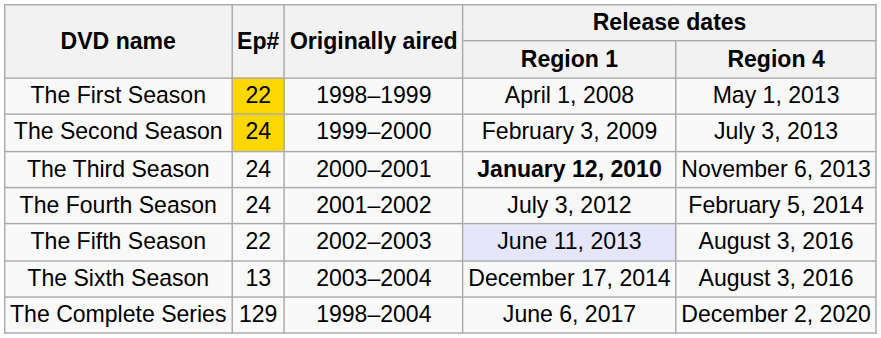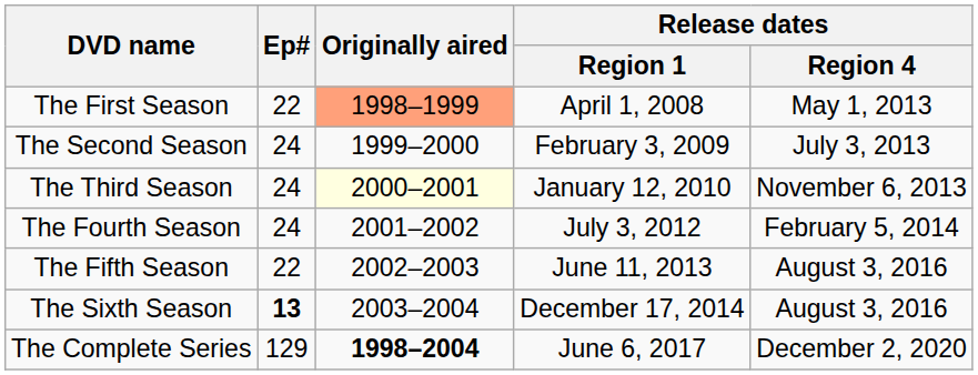 <table class="wikitable">
 <tr>
 <th rowspan="2">DVD name</th>
 <th rowspan="2">Ep#</th>
 <th rowspan="2">Originally aired</th>
 <th colspan="2">Release dates</th>
 </tr>
 <tr>
 <th>Region 1</th>
 <th>Region 4</th>
 </tr>
 <tr>
 <td align="center">The First Season</td>
-<td align="center" style="background: gold;">22</td>
-<td align="center">1998–1999</td>
+<td align="center">22</td>
+<td align="center" style="background: lightsalmon;">1998–1999</td>
 <td align="center">April 1, 2008</td>
 <td align="center">May 1, 2013</td>
 </tr>
 <tr>
 <td align="center">The Second Season</td>
-<td align="center" style="background: gold;">24</td>
+<td align="center">24</td>
 <td align="center">1999–2000</td>
 <td align="center">February 3, 2009</td>
 <td align="center">July 3, 2013</td>
 </tr>
 <tr>
 <td align="center">The Third Season</td>
 <td align="center">24</td>
-<td align="center">2000–2001</td>
-<td align="center"><strong>January 12, 2010</strong></td>
+<td align="center" style="background: lightyellow;">2000–2001</td>
+<td align="center">January 12, 2010</td>
 <td align="center">November 6, 2013</td>
 </tr>
 <tr>
 <td align="center">The Fourth Season</td>
 <td align="center">24</td>
 <td align="center">2001–2002</td>
 <td align="center">July 3, 2012</td>
 <td align="center">February 5, 2014</td>
 </tr>
 <tr>
 <td align="center">The Fifth Season</td>
 <td align="center">22</td>
 <td align="center">2002–2003</td>
-<td align="center" style="background: lavender;">June 11, 2013</td>
+<td align="center">June 11, 2013</td>
 <td align="center">August 3, 2016</td>
 </tr>
 <tr>
 <td align="center">The Sixth Season</td>
-<td align="center">13</td>
+<td align="center"><strong>13</strong></td>
 <td align="center">2003–2004</td>
 <td align="center">December 17, 2014</td>
 <td align="center">August 3, 2016</td>
 </tr>
 <tr>
 <td align="center">The Complete Series</td>
 <td align="center">129</td>
-<td align="center">1998–2004</td>
+<td align="center"><strong>1998–2004</strong></td>
 <td align="center">June 6, 2017</td>
 <td align="center">December 2, 2020</td>
 </tr>
 </table>
